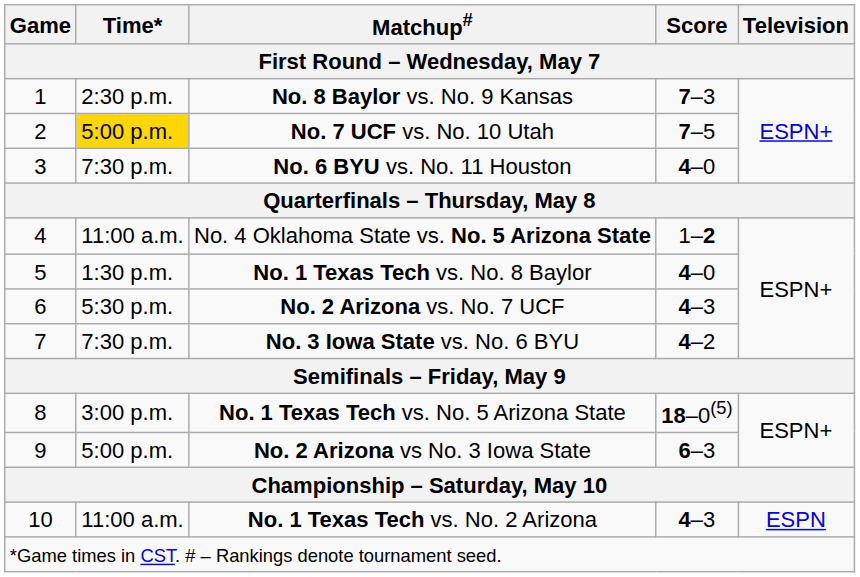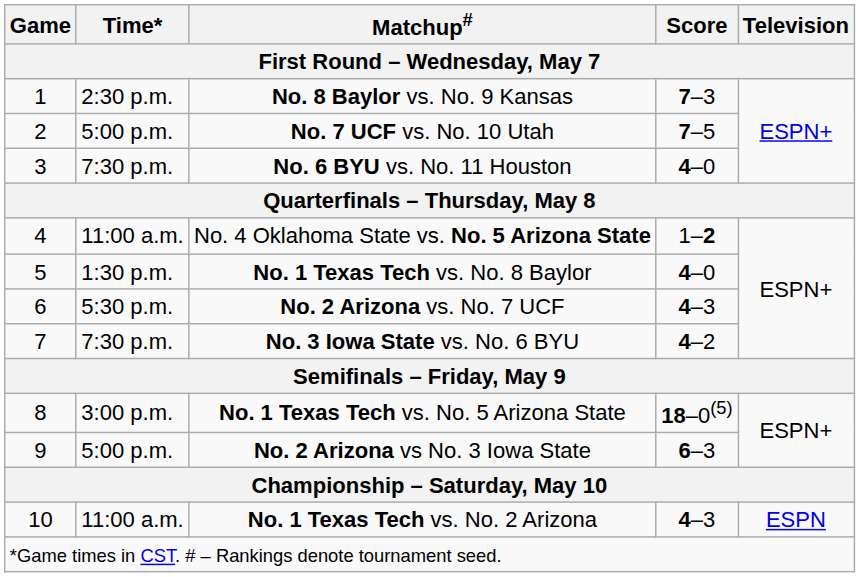 <table class="wikitable" style="font-size: 95%">
 <tr align="center">
 <th>Game</th>
 <th>Time*</th>
 <th>Matchup<sup>#</sup></th>
 <th>Score</th>
 <th>Television</th>
 </tr>
 <tr>
 <th colspan=7>First Round – Wednesday, May 7</th>
 </tr>
 <tr>
 <td style="text-align:center;">1</td>
 <td>2:30 p.m.</td>
 <td style="text-align:center;"><strong>No. 8 Baylor</strong> vs. No. 9 Kansas</td>
 <td style="text-align:center;"><strong>7</strong>–3</td>
 <td rowspan=3 style="text-align:center;"><a href='#'>ESPN+</a></td>
 </tr>
 <tr>
 <td style="text-align:center;">2</td>
-<td style="background: gold;">5:00 p.m.</td>
+<td>5:00 p.m.</td>
 <td style="text-align:center;"><strong>No. 7 UCF</strong> vs. No. 10 Utah</td>
 <td style="text-align:center;"><strong>7</strong>–5</td>
 </tr>
 <tr>
 <td style="text-align:center;">3</td>
 <td>7:30 p.m.</td>
 <td style="text-align:center;"><strong>No. 6 BYU</strong> vs. No. 11 Houston</td>
 <td style="text-align:center;"><strong>4</strong>–0</td>
 </tr>
 <tr>
 <th colspan=7>Quarterfinals – Thursday, May 8</th>
 </tr>
 <tr>
 <td style="text-align:center;">4</td>
 <td>11:00 a.m.</td>
 <td style="text-align:center;">No. 4 Oklahoma State vs. <strong>No. 5 Arizona State</strong></td>
 <td style="text-align:center;">1–<strong>2</strong></td>
 <td rowspan=4 style="text-align:center;">ESPN+</td>
 </tr>
 <tr>
 <td style="text-align:center;">5</td>
 <td>1:30 p.m.</td>
 <td style="text-align:center;"><strong>No. 1 Texas Tech</strong> vs. No. 8 Baylor</td>
 <td style="text-align:center;"><strong>4</strong>–0</td>
 </tr>
 <tr>
 <td style="text-align:center;">6</td>
 <td>5:30 p.m.</td>
 <td style="text-align:center;"><strong>No. 2 Arizona</strong> vs. No. 7 UCF</td>
 <td style="text-align:center;"><strong>4</strong>–3</td>
 </tr>
 <tr>
 <td style="text-align:center;">7</td>
 <td>7:30 p.m.</td>
 <td style="text-align:center;"><strong>No. 3 Iowa State</strong> vs. No. 6 BYU</td>
 <td style="text-align:center;"><strong>4</strong>–2</td>
 </tr>
 <tr>
 <th colspan=7>Semifinals – Friday, May 9</th>
 </tr>
 <tr>
 <td style="text-align:center;">8</td>
 <td>3:00 p.m.</td>
 <td style="text-align:center;"><strong>No. 1 Texas Tech</strong> vs. No. 5 Arizona State</td>
 <td style="text-align:center;"><strong>18</strong>–0<sup>(5)</sup></td>
 <td rowspan=2 style="text-align:center;">ESPN+</td>
 </tr>
 <tr>
 <td style="text-align:center;">9</td>
 <td>5:00 p.m.</td>
 <td style="text-align:center;"><strong>No. 2 Arizona</strong> vs No. 3 Iowa State</td>
 <td style="text-align:center;"><strong>6</strong>–3</td>
 </tr>
 <tr>
 <th colspan=7>Championship – Saturday, May 10</th>
 </tr>
 <tr>
 <td style="text-align:center;">10</td>
 <td>11:00 a.m.</td>
 <td style="text-align:center;"><strong>No. 1 Texas Tech</strong> vs. No. 2 Arizona</td>
 <td style="text-align:center;"><strong>4</strong>–3</td>
 <td style="text-align:center;"><a href='#'>ESPN</a></td>
 </tr>
 <tr>
 <td colspan=7><small>*Game times in <a href='#'>CST</a>. # – Rankings denote tournament seed.</small></td>
 </tr>
 </table>
